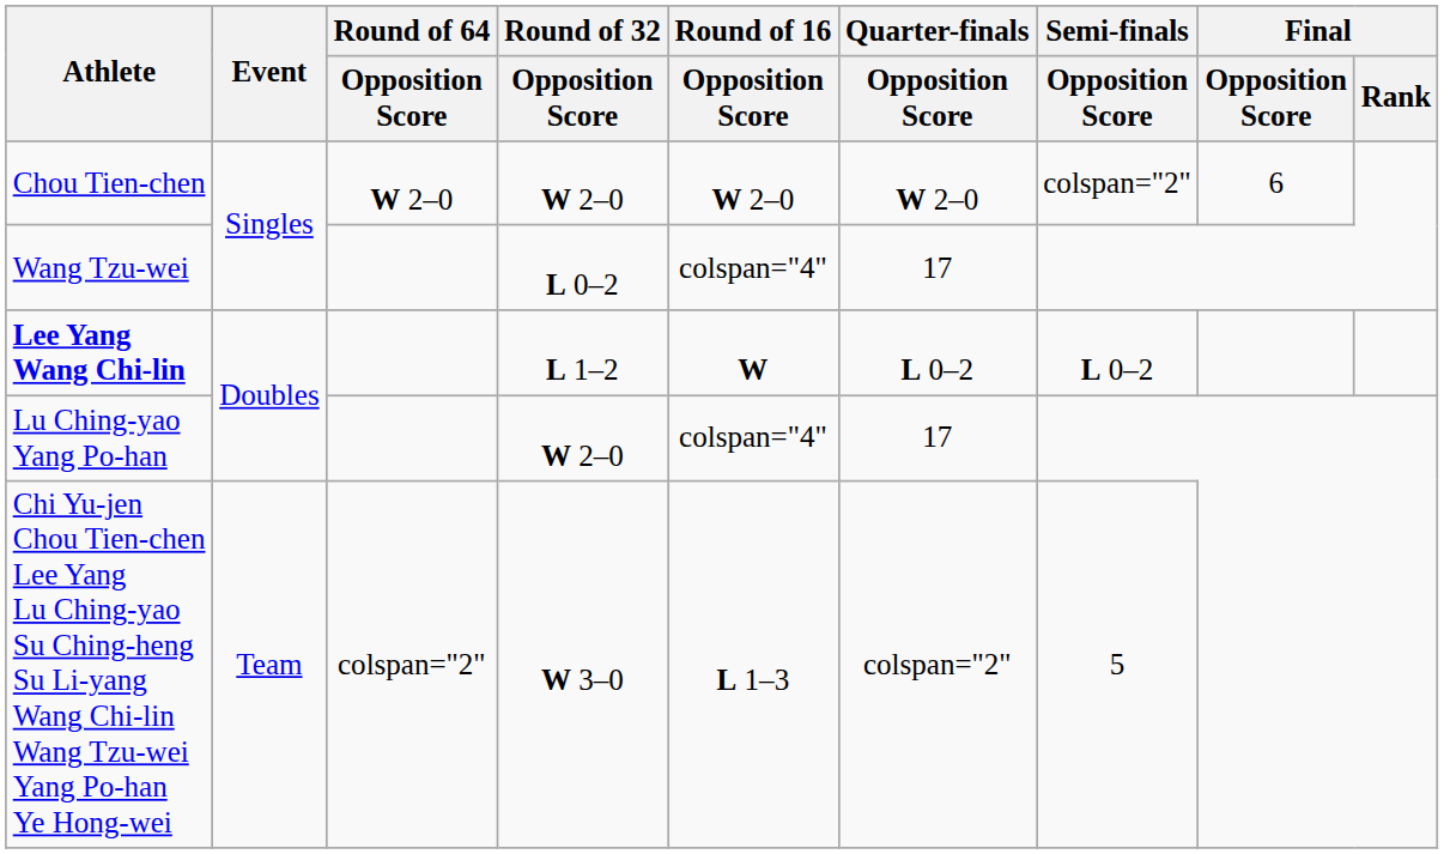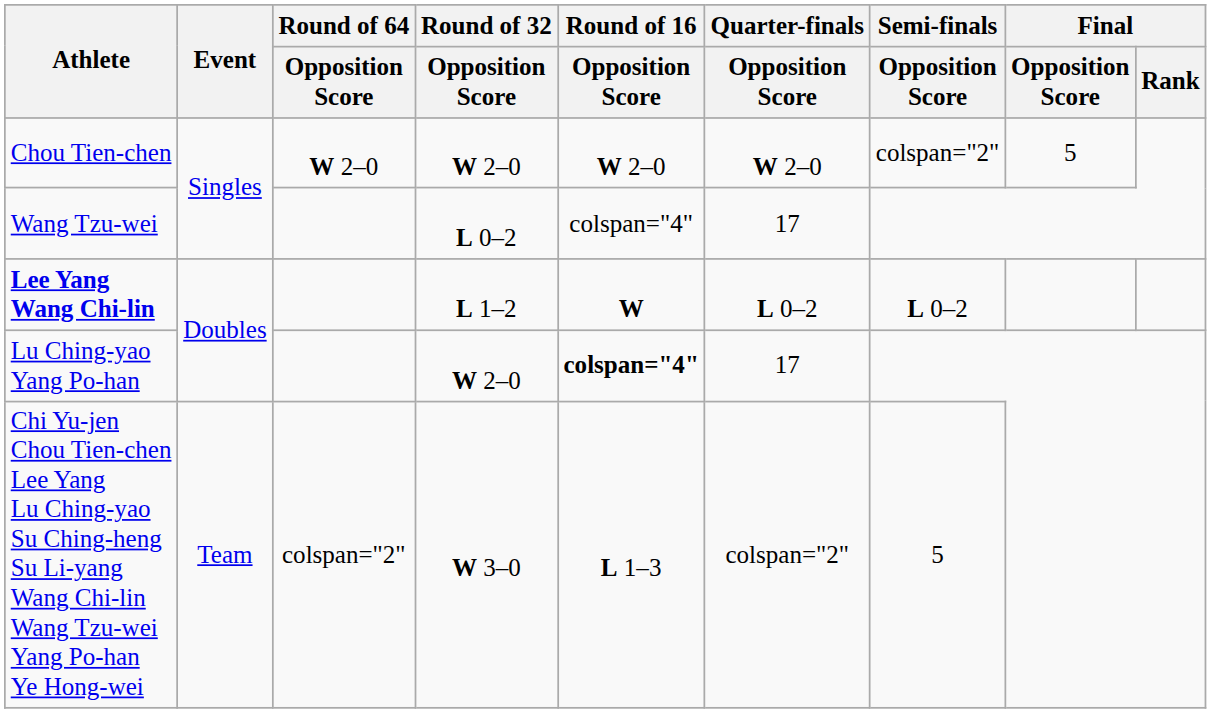 <table class="wikitable" style="text-align:center; font-size:90%">
 <tr>
 <th rowspan="2">Athlete</th>
 <th rowspan="2">Event</th>
 <th>Round of 64</th>
 <th>Round of 32</th>
 <th>Round of 16</th>
 <th>Quarter-finals</th>
 <th>Semi-finals</th>
 <th colspan="2">Final</th>
 </tr>
 <tr>
 <th>Opposition<br>Score</th>
 <th>Opposition<br>Score</th>
 <th>Opposition<br>Score</th>
 <th>Opposition<br>Score</th>
 <th>Opposition<br>Score</th>
 <th>Opposition<br>Score</th>
 <th>Rank</th>
 </tr>
 <tr>
 <td align="left"><a href='#'>Chou Tien-chen</a></td>
 <td rowspan="2"><a href='#'>Singles</a></td>
 <td><br><strong>W</strong> 2–0</td>
 <td><br><strong>W</strong> 2–0</td>
 <td><br><strong>W</strong> 2–0</td>
 <td><br><strong>W</strong> 2–0</td>
 <td>colspan="2" </td>
-<td>6</td>
+<td>5</td>
 </tr>
 <tr>
 <td align="left"><a href='#'>Wang Tzu-wei</a></td>
 <td></td>
 <td><br><strong>L</strong> 0–2</td>
 <td>colspan="4" </td>
 <td>17</td>
 </tr>
 <tr>
 <td align="left"><strong><a href='#'>Lee Yang</a><br><a href='#'>Wang Chi-lin</a></strong></td>
 <td rowspan="2"><a href='#'>Doubles</a></td>
 <td></td>
 <td><br><strong>L</strong> 1–2</td>
 <td><br><strong>W</strong> </td>
 <td><br><strong>L</strong> 0–2</td>
 <td><br><strong>L</strong> 0–2</td>
 <td></td>
 <td></td>
 </tr>
 <tr>
 <td align="left"><a href='#'>Lu Ching-yao</a><br><a href='#'>Yang Po-han</a></td>
 <td></td>
 <td><br><strong>W</strong> 2–0</td>
-<td>colspan="4" </td>
+<td><strong>colspan="4" </strong></td>
 <td>17</td>
 </tr>
 <tr>
 <td align="left"><a href='#'>Chi Yu-jen</a><br><a href='#'>Chou Tien-chen</a><br><a href='#'>Lee Yang</a><br><a href='#'>Lu Ching-yao</a><br><a href='#'>Su Ching-heng</a><br><a href='#'>Su Li-yang</a><br><a href='#'>Wang Chi-lin</a><br><a href='#'>Wang Tzu-wei</a><br><a href='#'>Yang Po-han</a><br><a href='#'>Ye Hong-wei</a></td>
 <td><a href='#'>Team</a></td>
 <td>colspan="2" </td>
 <td><br><strong>W</strong> 3–0</td>
 <td><br><strong>L</strong> 1–3</td>
 <td>colspan="2" </td>
 <td>5</td>
 </tr>
 </table>
